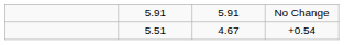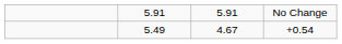 <table class="wikitable">
 <tr align=center>
 <td align=left width=160px></td>
 <td width=100px>5.91</td>
 <td width=100px>5.91</td>
 <td width=100px>No Change</td>
 </tr>
 <tr align=center>
 <td align=left></td>
-<td>5.51</td>
+<td>5.49</td>
 <td>4.67</td>
 <td>+0.54</td>
 </tr>
 </table>
